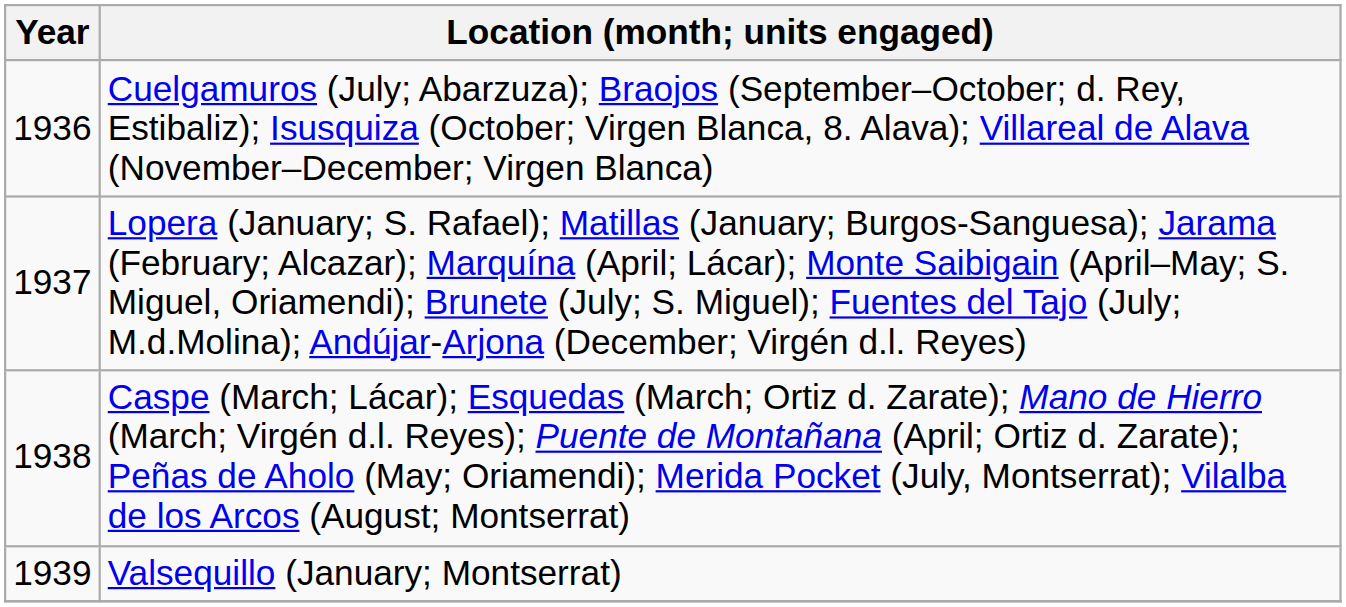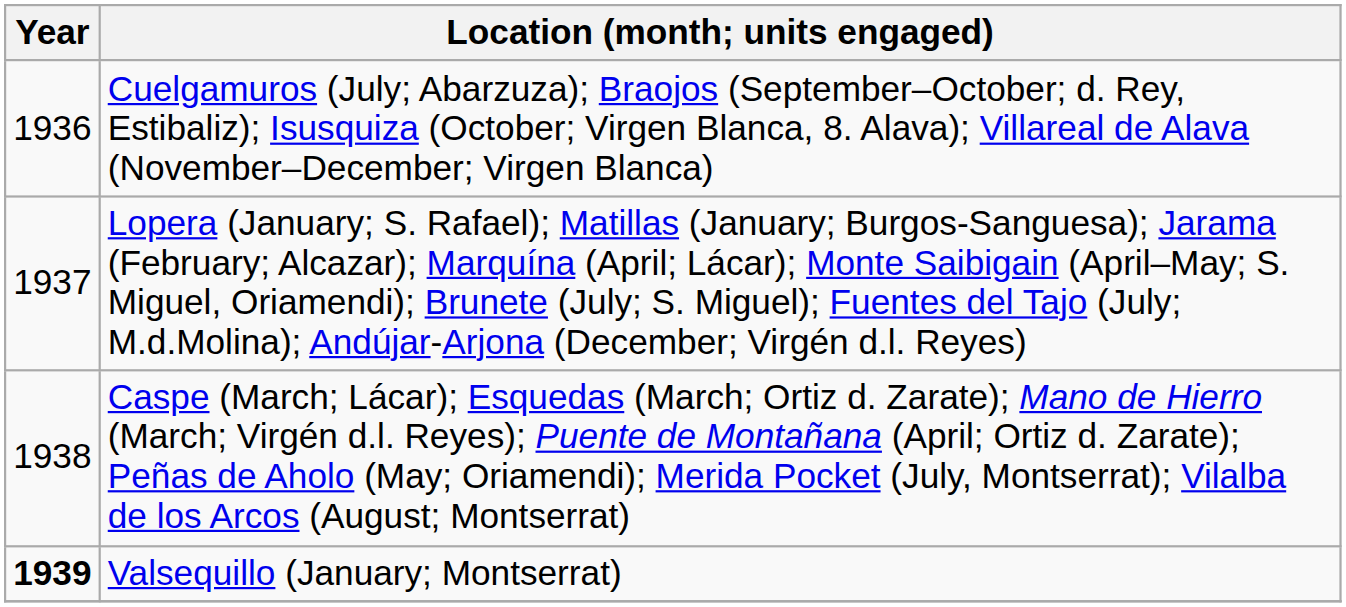 <table class="wikitable sortable">
 <tr>
 <th scope="col" style="width: 30px;">Year</th>
 <th scope="col" style="width: 1500px;">Location (month; units engaged)</th>
 </tr>
 <tr>
 <td>1936</td>
 <td><a href='#'>Cuelgamuros</a> (July; Abarzuza); <a href='#'>Braojos</a> (September–October; d. Rey, Estibaliz); <a href='#'>Isusquiza</a> (October; Virgen Blanca, 8. Alava); <a href='#'>Villareal de Alava</a> (November–December; Virgen Blanca)</td>
 </tr>
 <tr>
 <td>1937</td>
 <td><a href='#'>Lopera</a> (January; S. Rafael); <a href='#'>Matillas</a> (January; Burgos-Sanguesa); <a href='#'>Jarama</a> (February; Alcazar); <a href='#'>Marquína</a> (April; Lácar); <a href='#'>Monte Saibigain</a> (April–May; S. Miguel, Oriamendi); <a href='#'>Brunete</a> (July; S. Miguel); <a href='#'>Fuentes del Tajo</a> (July; M.d.Molina); <a href='#'>Andújar</a>-<a href='#'>Arjona</a> (December; Virgén d.l. Reyes)</td>
 </tr>
 <tr>
 <td>1938</td>
 <td><a href='#'>Caspe</a> (March; Lácar); <a href='#'>Esquedas</a> (March; Ortiz d. Zarate); <em><a href='#'>Mano de Hierro</a></em> (March; Virgén d.l. Reyes); <em><a href='#'>Puente de Montañana</a></em> (April; Ortiz d. Zarate); <a href='#'>Peñas de Aholo</a> (May; Oriamendi); <a href='#'>Merida Pocket</a> (July, Montserrat); <a href='#'>Vilalba de los Arcos</a> (August; Montserrat)</td>
 </tr>
 <tr>
-<td>1939</td>
+<td><strong>1939</strong></td>
 <td><a href='#'>Valsequillo</a> (January; Montserrat)</td>
 </tr>
 <tr>
 </tr>
 </table>
